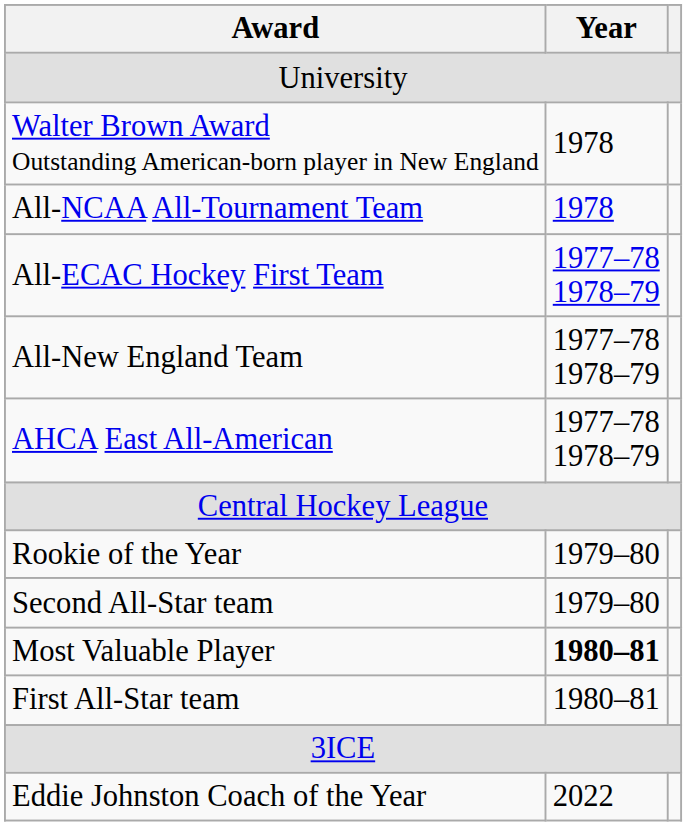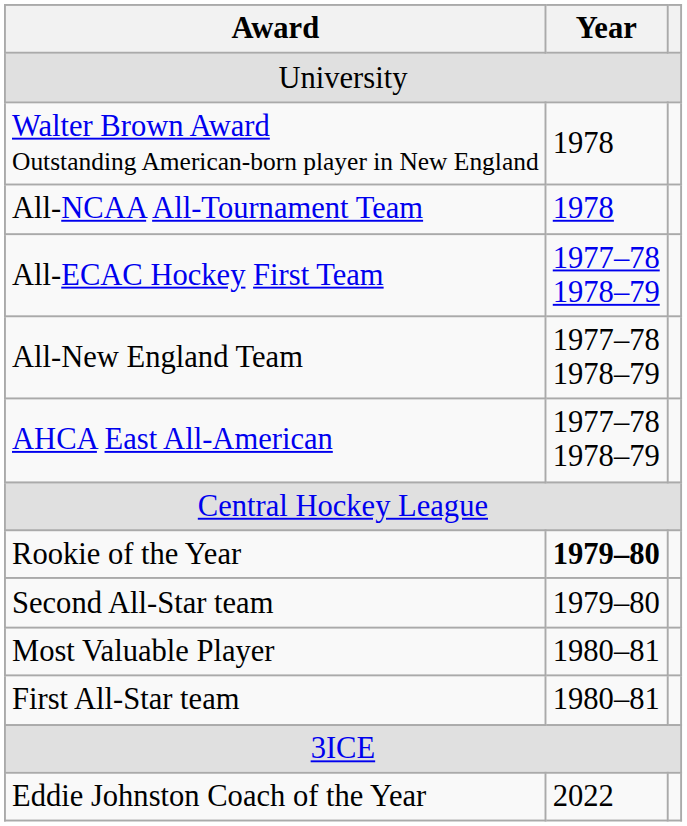 <table class="wikitable">
 <tr>
 <th>Award</th>
 <th>Year</th>
 <th></th>
 </tr>
 <tr ALIGN="center" bgcolor="#e0e0e0">
 <td colspan="3">University</td>
 </tr>
 <tr>
 <td><a href='#'>Walter Brown Award</a><br><small>Outstanding American-born player in New England</small></td>
 <td>1978</td>
 <td></td>
 </tr>
 <tr>
 <td>All-<a href='#'>NCAA</a> <a href='#'>All-Tournament Team</a></td>
 <td><a href='#'>1978</a></td>
 <td></td>
 </tr>
 <tr>
 <td>All-<a href='#'>ECAC Hockey</a> <a href='#'>First Team</a></td>
 <td><a href='#'>1977–78</a><br><a href='#'>1978–79</a></td>
 <td></td>
 </tr>
 <tr>
 <td>All-New England Team</td>
 <td>1977–78<br>1978–79</td>
 <td></td>
 </tr>
 <tr>
 <td><a href='#'>AHCA</a> <a href='#'>East All-American</a></td>
 <td>1977–78<br>1978–79</td>
 <td></td>
 </tr>
 <tr ALIGN="center" bgcolor="#e0e0e0">
 <td colspan="3"><a href='#'>Central Hockey League</a></td>
 </tr>
 <tr>
 <td>Rookie of the Year</td>
-<td>1979–80</td>
+<td><strong>1979–80</strong></td>
 <td></td>
 </tr>
 <tr>
 <td>Second All-Star team</td>
 <td>1979–80</td>
 <td></td>
 </tr>
 <tr>
 <td>Most Valuable Player</td>
-<td><strong>1980–81</strong></td>
+<td>1980–81</td>
 <td></td>
 </tr>
 <tr>
 <td>First All-Star team</td>
 <td>1980–81</td>
 <td></td>
 </tr>
 <tr ALIGN="center" bgcolor="#e0e0e0">
 <td colspan="3"><a href='#'>3ICE</a></td>
 </tr>
 <tr>
 <td>Eddie Johnston Coach of the Year</td>
 <td>2022</td>
 <td></td>
 </tr>
 </table>
